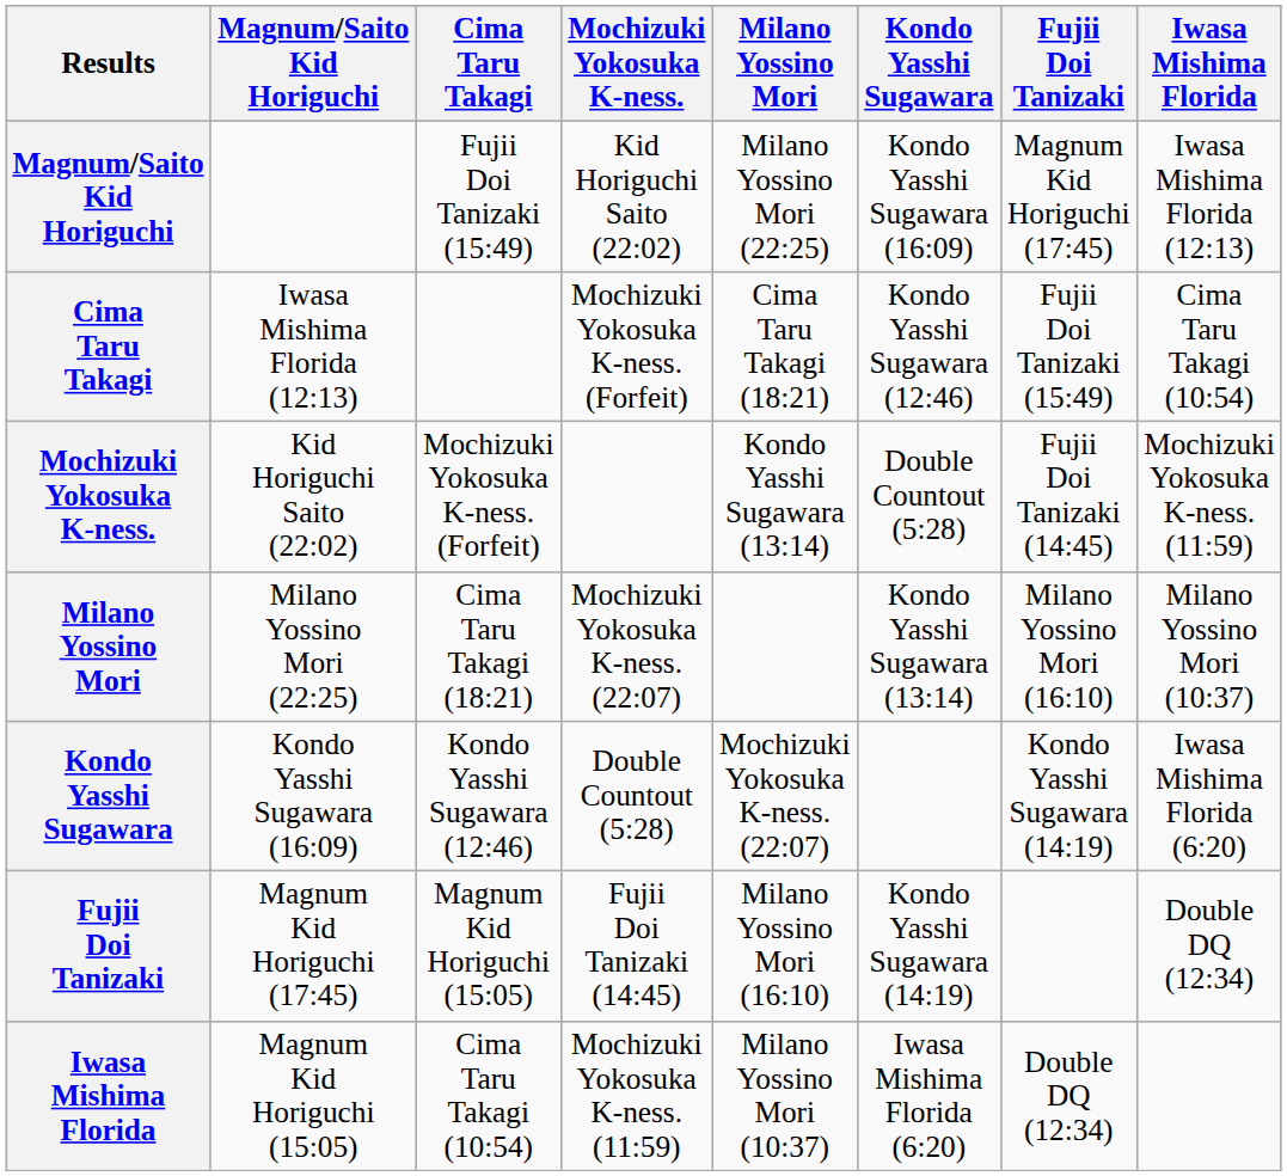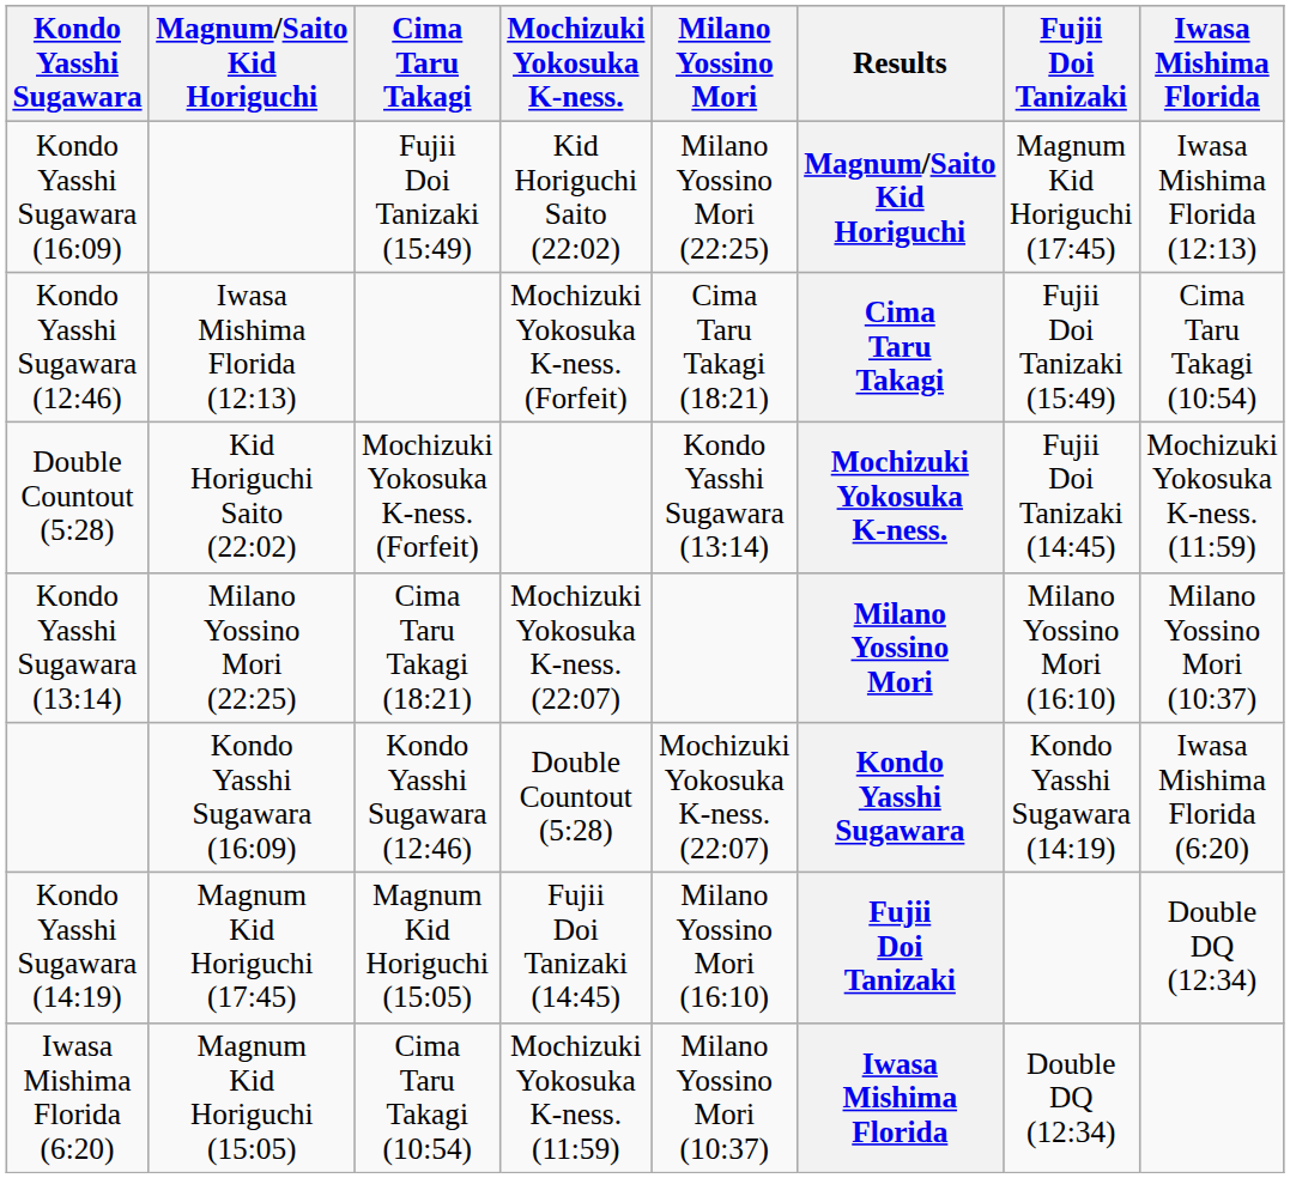 <table class="wikitable" style="margin: 1em auto 1em auto;text-align:center">
 <tr>
-<th>Results</th>
+<th><a href='#'>Kondo</a><br><a href='#'>Yasshi</a><br><a href='#'>Sugawara</a></th>
 <th><a href='#'>Magnum</a>/<a href='#'>Saito</a><br><a href='#'>Kid</a><br><a href='#'>Horiguchi</a></th>
 <th><a href='#'>Cima</a><br><a href='#'>Taru</a><br><a href='#'>Takagi</a></th>
 <th><a href='#'>Mochizuki</a><br><a href='#'>Yokosuka</a><br><a href='#'>K-ness.</a></th>
 <th><a href='#'>Milano</a><br><a href='#'>Yossino</a><br><a href='#'>Mori</a></th>
-<th><a href='#'>Kondo</a><br><a href='#'>Yasshi</a><br><a href='#'>Sugawara</a></th>
+<th>Results</th>
 <th><a href='#'>Fujii</a><br><a href='#'>Doi</a><br><a href='#'>Tanizaki</a></th>
 <th><a href='#'>Iwasa</a><br><a href='#'>Mishima</a><br><a href='#'>Florida</a></th>
 </tr>
 <tr>
-<th><a href='#'>Magnum</a>/<a href='#'>Saito</a><br><a href='#'>Kid</a><br><a href='#'>Horiguchi</a></th>
+<td>Kondo<br>Yasshi<br>Sugawara<br>(16:09)</td>
 <td></td>
 <td>Fujii<br>Doi<br>Tanizaki<br>(15:49)</td>
 <td>Kid<br>Horiguchi<br>Saito<br>(22:02)</td>
 <td>Milano<br>Yossino<br>Mori<br>(22:25)</td>
-<td>Kondo<br>Yasshi<br>Sugawara<br>(16:09)</td>
+<th><a href='#'>Magnum</a>/<a href='#'>Saito</a><br><a href='#'>Kid</a><br><a href='#'>Horiguchi</a></th>
 <td>Magnum<br>Kid<br>Horiguchi<br>(17:45)</td>
 <td>Iwasa<br>Mishima<br>Florida<br>(12:13)</td>
 </tr>
 <tr>
-<th><a href='#'>Cima</a><br><a href='#'>Taru</a><br><a href='#'>Takagi</a></th>
+<td>Kondo<br>Yasshi<br>Sugawara<br>(12:46)</td>
 <td>Iwasa<br>Mishima<br>Florida<br>(12:13)</td>
 <td></td>
 <td>Mochizuki<br>Yokosuka<br>K-ness.<br>(Forfeit)</td>
 <td>Cima<br>Taru<br>Takagi<br>(18:21)</td>
-<td>Kondo<br>Yasshi<br>Sugawara<br>(12:46)</td>
+<th><a href='#'>Cima</a><br><a href='#'>Taru</a><br><a href='#'>Takagi</a></th>
 <td>Fujii<br>Doi<br>Tanizaki<br>(15:49)</td>
 <td>Cima<br>Taru<br>Takagi<br>(10:54)</td>
 </tr>
 <tr>
-<th><a href='#'>Mochizuki</a><br><a href='#'>Yokosuka</a><br><a href='#'>K-ness.</a></th>
+<td>Double<br>Countout<br>(5:28)</td>
 <td>Kid<br>Horiguchi<br>Saito<br>(22:02)</td>
 <td>Mochizuki<br>Yokosuka<br>K-ness.<br>(Forfeit)</td>
 <td></td>
 <td>Kondo<br>Yasshi<br>Sugawara<br>(13:14)</td>
-<td>Double<br>Countout<br>(5:28)</td>
+<th><a href='#'>Mochizuki</a><br><a href='#'>Yokosuka</a><br><a href='#'>K-ness.</a></th>
 <td>Fujii<br>Doi<br>Tanizaki<br>(14:45)</td>
 <td>Mochizuki<br>Yokosuka<br>K-ness.<br>(11:59)</td>
 </tr>
 <tr>
-<th><a href='#'>Milano</a><br><a href='#'>Yossino</a><br><a href='#'>Mori</a></th>
+<td>Kondo<br>Yasshi<br>Sugawara<br>(13:14)</td>
 <td>Milano<br>Yossino<br>Mori<br>(22:25)</td>
 <td>Cima<br>Taru<br>Takagi<br>(18:21)</td>
 <td>Mochizuki<br>Yokosuka<br>K-ness.<br>(22:07)</td>
 <td></td>
-<td>Kondo<br>Yasshi<br>Sugawara<br>(13:14)</td>
+<th><a href='#'>Milano</a><br><a href='#'>Yossino</a><br><a href='#'>Mori</a></th>
 <td>Milano<br>Yossino<br>Mori<br>(16:10)</td>
 <td>Milano<br>Yossino<br>Mori<br>(10:37)</td>
 </tr>
 <tr>
-<th><a href='#'>Kondo</a><br><a href='#'>Yasshi</a><br><a href='#'>Sugawara</a></th>
+<td></td>
 <td>Kondo<br>Yasshi<br>Sugawara<br>(16:09)</td>
 <td>Kondo<br>Yasshi<br>Sugawara<br>(12:46)</td>
 <td>Double<br>Countout<br>(5:28)</td>
 <td>Mochizuki<br>Yokosuka<br>K-ness.<br>(22:07)</td>
-<td></td>
+<th><a href='#'>Kondo</a><br><a href='#'>Yasshi</a><br><a href='#'>Sugawara</a></th>
 <td>Kondo<br>Yasshi<br>Sugawara<br>(14:19)</td>
 <td>Iwasa<br>Mishima<br>Florida<br>(6:20)</td>
 </tr>
 <tr>
-<th><a href='#'>Fujii</a><br><a href='#'>Doi</a><br><a href='#'>Tanizaki</a></th>
+<td>Kondo<br>Yasshi<br>Sugawara<br>(14:19)</td>
 <td>Magnum<br>Kid<br>Horiguchi<br>(17:45)</td>
 <td>Magnum<br>Kid<br>Horiguchi<br>(15:05)</td>
 <td>Fujii<br>Doi<br>Tanizaki<br>(14:45)</td>
 <td>Milano<br>Yossino<br>Mori<br>(16:10)</td>
-<td>Kondo<br>Yasshi<br>Sugawara<br>(14:19)</td>
+<th><a href='#'>Fujii</a><br><a href='#'>Doi</a><br><a href='#'>Tanizaki</a></th>
 <td></td>
 <td>Double<br>DQ<br>(12:34)</td>
 </tr>
 <tr>
-<th><a href='#'>Iwasa</a><br><a href='#'>Mishima</a><br><a href='#'>Florida</a></th>
+<td>Iwasa<br>Mishima<br>Florida<br>(6:20)</td>
 <td>Magnum<br>Kid<br>Horiguchi<br>(15:05)</td>
 <td>Cima<br>Taru<br>Takagi<br>(10:54)</td>
 <td>Mochizuki<br>Yokosuka<br>K-ness.<br>(11:59)</td>
 <td>Milano<br>Yossino<br>Mori<br>(10:37)</td>
-<td>Iwasa<br>Mishima<br>Florida<br>(6:20)</td>
+<th><a href='#'>Iwasa</a><br><a href='#'>Mishima</a><br><a href='#'>Florida</a></th>
 <td>Double<br>DQ<br>(12:34)</td>
 <td></td>
 </tr>
 </table>
